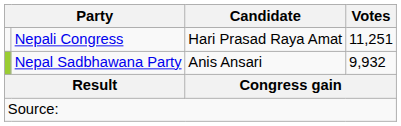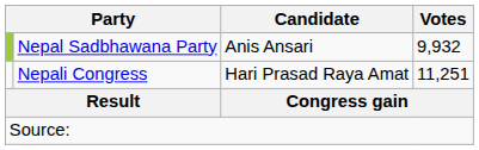 <table class="wikitable">
 <tr>
 <th colspan="2">Party</th>
 <th>Candidate</th>
 <th>Votes</th>
 </tr>
 <tr>
+<td style="background-color:yellowgreen"></td>
+<td><a href='#'>Nepal Sadbhawana Party</a></td>
+<td>Anis Ansari</td>
+<td>9,932</td>
+</tr>
+<tr>
 <td style="background-color:"></td>
 <td><a href='#'>Nepali Congress</a></td>
 <td>Hari Prasad Raya Amat</td>
 <td>11,251</td>
-</tr>
-<tr>
-<td style="background-color:yellowgreen"></td>
-<td><a href='#'>Nepal Sadbhawana Party</a></td>
-<td>Anis Ansari</td>
-<td>9,932</td>
 </tr>
 <tr>
 <th colspan="2">Result</th>
 <th colspan="2">Congress gain</th>
 </tr>
 <tr>
 <td colspan="4">Source: </td>
 </tr>
 </table>
